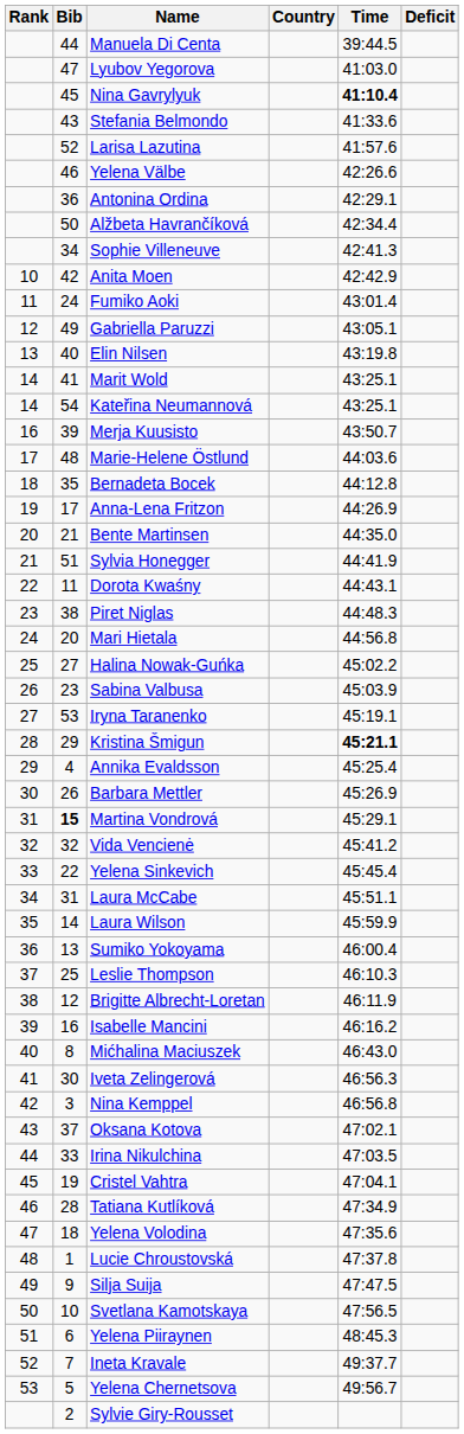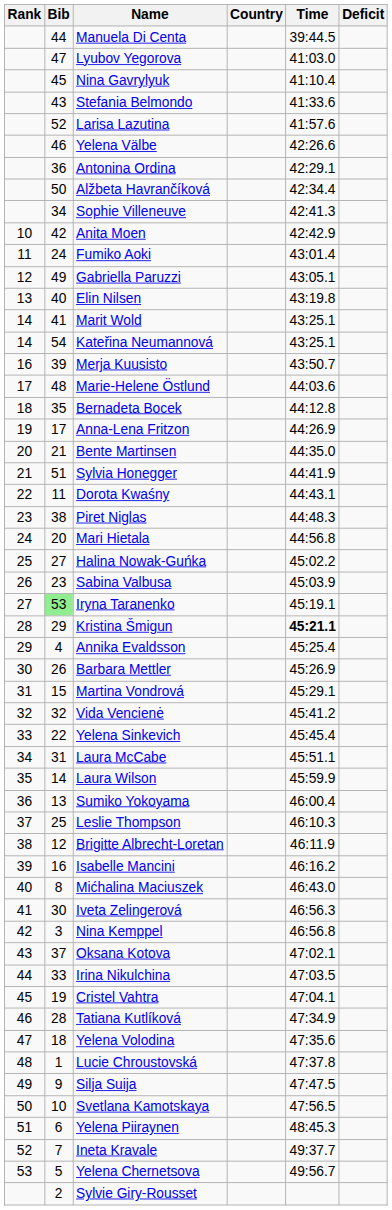 <table class="wikitable sortable" style="text-align:center">
 <tr>
 <th>Rank</th>
 <th>Bib</th>
 <th>Name</th>
 <th>Country</th>
 <th>Time</th>
 <th>Deficit</th>
 </tr>
 <tr>
 <td></td>
 <td>44</td>
 <td align="left"><a href='#'>Manuela Di Centa</a></td>
 <td align="left"></td>
 <td>39:44.5</td>
 <td></td>
 </tr>
 <tr>
 <td></td>
 <td>47</td>
 <td align="left"><a href='#'>Lyubov Yegorova</a></td>
 <td align="left"></td>
 <td>41:03.0</td>
 <td align=right></td>
 </tr>
 <tr>
 <td></td>
 <td>45</td>
 <td align="left"><a href='#'>Nina Gavrylyuk</a></td>
 <td align="left"></td>
-<td><strong>41:10.4</strong></td>
+<td>41:10.4</td>
 <td align=right></td>
 </tr>
 <tr>
 <td></td>
 <td>43</td>
 <td align="left"><a href='#'>Stefania Belmondo</a></td>
 <td align="left"></td>
 <td>41:33.6</td>
 <td align=right></td>
 </tr>
 <tr>
 <td></td>
 <td>52</td>
 <td align="left"><a href='#'>Larisa Lazutina</a></td>
 <td align="left"></td>
 <td>41:57.6</td>
 <td align=right></td>
 </tr>
 <tr>
 <td></td>
 <td>46</td>
 <td align="left"><a href='#'>Yelena Välbe</a></td>
 <td align="left"></td>
 <td>42:26.6</td>
 <td align=right></td>
 </tr>
 <tr>
 <td></td>
 <td>36</td>
 <td align="left"><a href='#'>Antonina Ordina</a></td>
 <td align="left"></td>
 <td>42:29.1</td>
 <td align=right></td>
 </tr>
 <tr>
 <td></td>
 <td>50</td>
 <td align="left"><a href='#'>Alžbeta Havrančíková</a></td>
 <td align="left"></td>
 <td>42:34.4</td>
 <td align=right></td>
 </tr>
 <tr>
 <td></td>
 <td>34</td>
 <td align="left"><a href='#'>Sophie Villeneuve</a></td>
 <td align="left"></td>
 <td>42:41.3</td>
 <td align=right></td>
 </tr>
 <tr>
 <td>10</td>
 <td>42</td>
 <td align="left"><a href='#'>Anita Moen</a></td>
 <td align="left"></td>
 <td>42:42.9</td>
 <td align=right></td>
 </tr>
 <tr>
 <td>11</td>
 <td>24</td>
 <td align="left"><a href='#'>Fumiko Aoki</a></td>
 <td align="left"></td>
 <td>43:01.4</td>
 <td align=right></td>
 </tr>
 <tr>
 <td>12</td>
 <td>49</td>
 <td align="left"><a href='#'>Gabriella Paruzzi</a></td>
 <td align="left"></td>
 <td>43:05.1</td>
 <td align=right></td>
 </tr>
 <tr>
 <td>13</td>
 <td>40</td>
 <td align="left"><a href='#'>Elin Nilsen</a></td>
 <td align="left"></td>
 <td>43:19.8</td>
 <td align=right></td>
 </tr>
 <tr>
 <td>14</td>
 <td>41</td>
 <td align="left"><a href='#'>Marit Wold</a></td>
 <td align="left"></td>
 <td>43:25.1</td>
 <td align=right></td>
 </tr>
 <tr>
 <td>14</td>
 <td>54</td>
 <td align="left"><a href='#'>Kateřina Neumannová</a></td>
 <td align="left"></td>
 <td>43:25.1</td>
 <td align=right></td>
 </tr>
 <tr>
 <td>16</td>
 <td>39</td>
 <td align="left"><a href='#'>Merja Kuusisto</a></td>
 <td align="left"></td>
 <td>43:50.7</td>
 <td align=right></td>
 </tr>
 <tr>
 <td>17</td>
 <td>48</td>
 <td align="left"><a href='#'>Marie-Helene Östlund</a></td>
 <td align="left"></td>
 <td>44:03.6</td>
 <td align=right></td>
 </tr>
 <tr>
 <td>18</td>
 <td>35</td>
 <td align="left"><a href='#'>Bernadeta Bocek</a></td>
 <td align="left"></td>
 <td>44:12.8</td>
 <td align=right></td>
 </tr>
 <tr>
 <td>19</td>
 <td>17</td>
 <td align="left"><a href='#'>Anna-Lena Fritzon</a></td>
 <td align="left"></td>
 <td>44:26.9</td>
 <td align=right></td>
 </tr>
 <tr>
 <td>20</td>
 <td>21</td>
 <td align="left"><a href='#'>Bente Martinsen</a></td>
 <td align="left"></td>
 <td>44:35.0</td>
 <td align=right></td>
 </tr>
 <tr>
 <td>21</td>
 <td>51</td>
 <td align="left"><a href='#'>Sylvia Honegger</a></td>
 <td align="left"></td>
 <td>44:41.9</td>
 <td align=right></td>
 </tr>
 <tr>
 <td>22</td>
 <td>11</td>
 <td align="left"><a href='#'>Dorota Kwaśny</a></td>
 <td align="left"></td>
 <td>44:43.1</td>
 <td align=right></td>
 </tr>
 <tr>
 <td>23</td>
 <td>38</td>
 <td align="left"><a href='#'>Piret Niglas</a></td>
 <td align="left"></td>
 <td>44:48.3</td>
 <td align=right></td>
 </tr>
 <tr>
 <td>24</td>
 <td>20</td>
 <td align="left"><a href='#'>Mari Hietala</a></td>
 <td align="left"></td>
 <td>44:56.8</td>
 <td align=right></td>
 </tr>
 <tr>
 <td>25</td>
 <td>27</td>
 <td align="left"><a href='#'>Halina Nowak-Guńka</a></td>
 <td align="left"></td>
 <td>45:02.2</td>
 <td align=right></td>
 </tr>
 <tr>
 <td>26</td>
 <td>23</td>
 <td align="left"><a href='#'>Sabina Valbusa</a></td>
 <td align="left"></td>
 <td>45:03.9</td>
 <td align=right></td>
 </tr>
 <tr>
 <td>27</td>
-<td>53</td>
+<td style="background: lightgreen;">53</td>
 <td align="left"><a href='#'>Iryna Taranenko</a></td>
 <td align="left"></td>
 <td>45:19.1</td>
 <td align=right></td>
 </tr>
 <tr>
 <td>28</td>
 <td>29</td>
 <td align="left"><a href='#'>Kristina Šmigun</a></td>
 <td align="left"></td>
 <td><strong>45:21.1</strong></td>
 <td align=right></td>
 </tr>
 <tr>
 <td>29</td>
 <td>4</td>
 <td align="left"><a href='#'>Annika Evaldsson</a></td>
 <td align="left"></td>
 <td>45:25.4</td>
 <td align=right></td>
 </tr>
 <tr>
 <td>30</td>
 <td>26</td>
 <td align="left"><a href='#'>Barbara Mettler</a></td>
 <td align="left"></td>
 <td>45:26.9</td>
 <td align=right></td>
 </tr>
 <tr>
 <td>31</td>
-<td><strong>15</strong></td>
+<td>15</td>
 <td align="left"><a href='#'>Martina Vondrová</a></td>
 <td align="left"></td>
 <td>45:29.1</td>
 <td align=right></td>
 </tr>
 <tr>
 <td>32</td>
 <td>32</td>
 <td align="left"><a href='#'>Vida Vencienė</a></td>
 <td align="left"></td>
 <td>45:41.2</td>
 <td align=right></td>
 </tr>
 <tr>
 <td>33</td>
 <td>22</td>
 <td align="left"><a href='#'>Yelena Sinkevich</a></td>
 <td align="left"></td>
 <td>45:45.4</td>
 <td align=right></td>
 </tr>
 <tr>
 <td>34</td>
 <td>31</td>
 <td align="left"><a href='#'>Laura McCabe</a></td>
 <td align="left"></td>
 <td>45:51.1</td>
 <td align=right></td>
 </tr>
 <tr>
 <td>35</td>
 <td>14</td>
 <td align="left"><a href='#'>Laura Wilson</a></td>
 <td align="left"></td>
 <td>45:59.9</td>
 <td align=right></td>
 </tr>
 <tr>
 <td>36</td>
 <td>13</td>
 <td align="left"><a href='#'>Sumiko Yokoyama</a></td>
 <td align="left"></td>
 <td>46:00.4</td>
 <td align=right></td>
 </tr>
 <tr>
 <td>37</td>
 <td>25</td>
 <td align="left"><a href='#'>Leslie Thompson</a></td>
 <td align="left"></td>
 <td>46:10.3</td>
 <td align=right></td>
 </tr>
 <tr>
 <td>38</td>
 <td>12</td>
 <td align="left"><a href='#'>Brigitte Albrecht-Loretan</a></td>
 <td align="left"></td>
 <td>46:11.9</td>
 <td align=right></td>
 </tr>
 <tr>
 <td>39</td>
 <td>16</td>
 <td align="left"><a href='#'>Isabelle Mancini</a></td>
 <td align="left"></td>
 <td>46:16.2</td>
 <td align=right></td>
 </tr>
 <tr>
 <td>40</td>
 <td>8</td>
 <td align="left"><a href='#'>Mićhalina Maciuszek</a></td>
 <td align="left"></td>
 <td>46:43.0</td>
 <td align=right></td>
 </tr>
 <tr>
 <td>41</td>
 <td>30</td>
 <td align="left"><a href='#'>Iveta Zelingerová</a></td>
 <td align="left"></td>
 <td>46:56.3</td>
 <td align=right></td>
 </tr>
 <tr>
 <td>42</td>
 <td>3</td>
 <td align="left"><a href='#'>Nina Kemppel</a></td>
 <td align="left"></td>
 <td>46:56.8</td>
 <td align=right></td>
 </tr>
 <tr>
 <td>43</td>
 <td>37</td>
 <td align="left"><a href='#'>Oksana Kotova</a></td>
 <td align="left"></td>
 <td>47:02.1</td>
 <td align=right></td>
 </tr>
 <tr>
 <td>44</td>
 <td>33</td>
 <td align="left"><a href='#'>Irina Nikulchina</a></td>
 <td align="left"></td>
 <td>47:03.5</td>
 <td align=right></td>
 </tr>
 <tr>
 <td>45</td>
 <td>19</td>
 <td align="left"><a href='#'>Cristel Vahtra</a></td>
 <td align="left"></td>
 <td>47:04.1</td>
 <td align=right></td>
 </tr>
 <tr>
 <td>46</td>
 <td>28</td>
 <td align="left"><a href='#'>Tatiana Kutlíková</a></td>
 <td align="left"></td>
 <td>47:34.9</td>
 <td align=right></td>
 </tr>
 <tr>
 <td>47</td>
 <td>18</td>
 <td align="left"><a href='#'>Yelena Volodina</a></td>
 <td align="left"></td>
 <td>47:35.6</td>
 <td align=right></td>
 </tr>
 <tr>
 <td>48</td>
 <td>1</td>
 <td align="left"><a href='#'>Lucie Chroustovská</a></td>
 <td align="left"></td>
 <td>47:37.8</td>
 <td align=right></td>
 </tr>
 <tr>
 <td>49</td>
 <td>9</td>
 <td align="left"><a href='#'>Silja Suija</a></td>
 <td align="left"></td>
 <td>47:47.5</td>
 <td align=right></td>
 </tr>
 <tr>
 <td>50</td>
 <td>10</td>
 <td align="left"><a href='#'>Svetlana Kamotskaya</a></td>
 <td align="left"></td>
 <td>47:56.5</td>
 <td align=right></td>
 </tr>
 <tr>
 <td>51</td>
 <td>6</td>
 <td align="left"><a href='#'>Yelena Piiraynen</a></td>
 <td align="left"></td>
 <td>48:45.3</td>
 <td align=right></td>
 </tr>
 <tr>
 <td>52</td>
 <td>7</td>
 <td align="left"><a href='#'>Ineta Kravale</a></td>
 <td align="left"></td>
 <td>49:37.7</td>
 <td align=right></td>
 </tr>
 <tr>
 <td>53</td>
 <td>5</td>
 <td align="left"><a href='#'>Yelena Chernetsova</a></td>
 <td align="left"></td>
 <td>49:56.7</td>
 <td align=right></td>
 </tr>
 <tr>
 <td></td>
 <td>2</td>
 <td align="left"><a href='#'>Sylvie Giry-Rousset</a></td>
 <td align="left"></td>
 <td></td>
 <td></td>
 </tr>
 </table>
